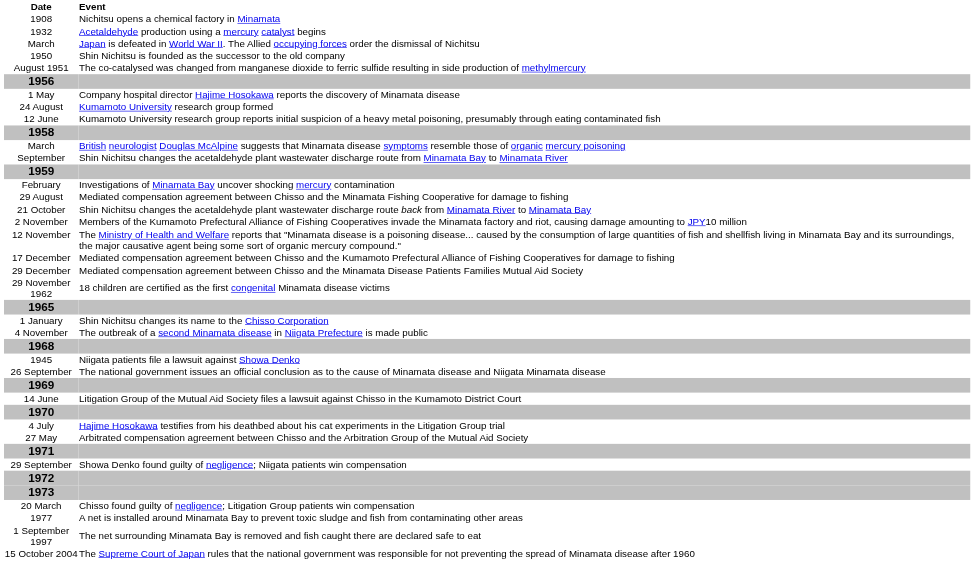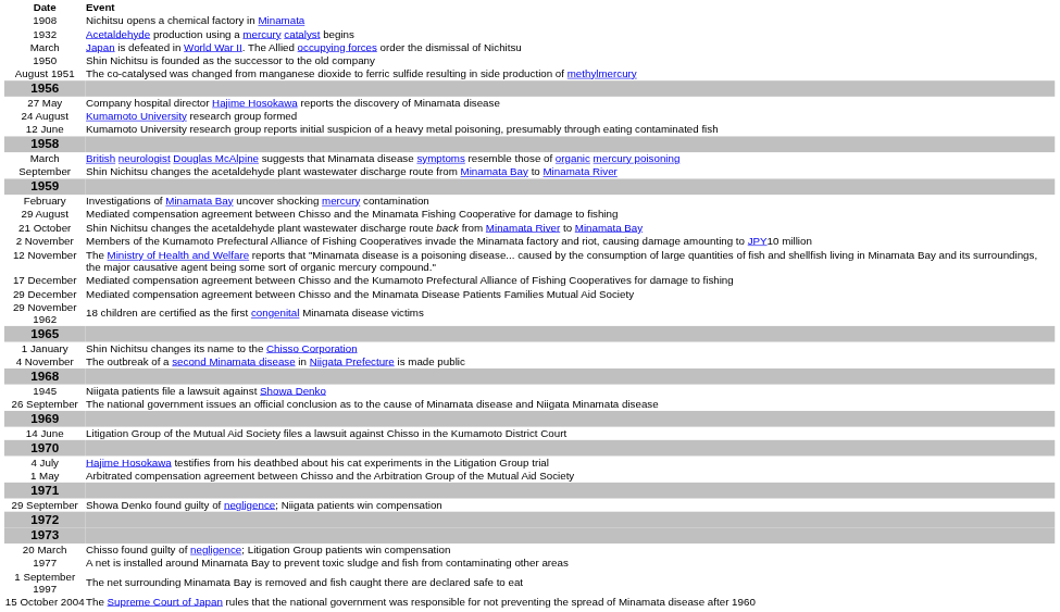 <table cellspacing="0">
 <tr>
 <th width="120">Date</th>
 <th align="left">Event</th>
 </tr>
 <tr>
 <td align="center" valign="top">1908</td>
 <td>Nichitsu opens a chemical factory in <a href='#'>Minamata</a></td>
 </tr>
 <tr>
 <td align="center" valign="top">1932</td>
 <td><a href='#'>Acetaldehyde</a> production using a <a href='#'>mercury</a> <a href='#'>catalyst</a> begins</td>
 </tr>
 <tr>
 <td align="center" valign="top">March</td>
 <td><a href='#'>Japan</a> is defeated in <a href='#'>World War II</a>. The Allied <a href='#'>occupying forces</a> order the dismissal of Nichitsu</td>
 </tr>
 <tr>
 <td align="center" valign="top">1950</td>
 <td>Shin Nichitsu is founded as the successor to the old company</td>
 </tr>
 <tr>
 <td align="center" valign="top">August 1951</td>
 <td>The co-catalysed was changed from manganese dioxide to ferric sulfide resulting in side production of <a href='#'>methylmercury</a></td>
 </tr>
 <tr>
 <td align="center" valign="top" bgcolor="#C0C0C0"><big><strong>1956</strong></big></td>
 <td bgcolor="#C0C0C0"></td>
 </tr>
 <tr>
-<td align="center" valign="top">1 May</td>
+<td align="center" valign="top">27 May</td>
 <td>Company hospital director <a href='#'>Hajime Hosokawa</a> reports the discovery of Minamata disease</td>
 </tr>
 <tr>
 <td align="center" valign="top">24 August</td>
 <td><a href='#'>Kumamoto University</a> research group formed</td>
 </tr>
 <tr>
 <td align="center" valign="top">12 June</td>
 <td>Kumamoto University research group reports initial suspicion of a heavy metal poisoning, presumably through eating contaminated fish</td>
 </tr>
 <tr>
 <td align="center" valign="top" bgcolor="#C0C0C0"><big><strong>1958</strong></big></td>
 <td bgcolor="#C0C0C0"></td>
 </tr>
 <tr>
 <td align="center" valign="top">March</td>
 <td><a href='#'>British</a> <a href='#'>neurologist</a> <a href='#'>Douglas McAlpine</a> suggests that Minamata disease <a href='#'>symptoms</a> resemble those of <a href='#'>organic</a> <a href='#'>mercury poisoning</a></td>
 </tr>
 <tr>
 <td align="center" valign="top">September</td>
 <td>Shin Nichitsu changes the acetaldehyde plant wastewater discharge route from <a href='#'>Minamata Bay</a> to <a href='#'>Minamata River</a></td>
 </tr>
 <tr>
 <td align="center" valign="top" bgcolor="#C0C0C0"><big><strong>1959</strong></big></td>
 <td bgcolor="#C0C0C0"></td>
 </tr>
 <tr>
 <td align="center" valign="top">February</td>
 <td>Investigations of <a href='#'>Minamata Bay</a> uncover shocking <a href='#'>mercury</a> contamination</td>
 </tr>
 <tr>
 <td align="center" valign="top">29 August</td>
 <td>Mediated compensation agreement between Chisso and the Minamata Fishing Cooperative for damage to fishing</td>
 </tr>
 <tr>
 <td align="center" valign="top">21 October</td>
 <td>Shin Nichitsu changes the acetaldehyde plant wastewater discharge route <em>back</em> from <a href='#'>Minamata River</a> to <a href='#'>Minamata Bay</a></td>
 </tr>
 <tr>
 <td align="center" valign="top">2 November</td>
 <td>Members of the Kumamoto Prefectural Alliance of Fishing Cooperatives invade the Minamata factory and riot, causing damage amounting to <a href='#'>JPY</a>10 million</td>
 </tr>
 <tr>
 <td align="center" valign="top"></td>
 <td></td>
 </tr>
 <tr>
 <td align="center" valign="top">12 November</td>
 <td>The <a href='#'>Ministry of Health and Welfare</a> reports that "Minamata disease is a poisoning disease... caused by the consumption of large quantities of fish and shellfish living in Minamata Bay and its surroundings, the major causative agent being some sort of organic mercury compound."</td>
 </tr>
 <tr>
 <td align="center" valign="top">17 December</td>
 <td>Mediated compensation agreement between Chisso and the Kumamoto Prefectural Alliance of Fishing Cooperatives for damage to fishing</td>
 </tr>
 <tr>
 <td align="center" valign="top">29 December</td>
 <td>Mediated compensation agreement between Chisso and the Minamata Disease Patients Families Mutual Aid Society</td>
 </tr>
 <tr>
 <td align="center" valign="top">29 November 1962</td>
 <td>18 children are certified as the first <a href='#'>congenital</a> Minamata disease victims</td>
 </tr>
 <tr>
 <td align="center" valign="top" bgcolor="#C0C0C0"><big><strong>1965</strong></big></td>
 <td bgcolor="#C0C0C0"></td>
 </tr>
 <tr>
 <td align="center" valign="top">1 January</td>
 <td>Shin Nichitsu changes its name to the <a href='#'>Chisso Corporation</a></td>
 </tr>
 <tr>
 <td align="center" valign="top">4 November</td>
 <td>The outbreak of a <a href='#'>second Minamata disease</a> in <a href='#'>Niigata Prefecture</a> is made public</td>
 </tr>
 <tr>
 <td align="center" valign="top" bgcolor="#C0C0C0"><big><strong>1968</strong></big></td>
 <td bgcolor="#C0C0C0"></td>
 </tr>
 <tr>
 <td align="center" valign="top">1945</td>
 <td>Niigata patients file a lawsuit against <a href='#'>Showa Denko</a></td>
 </tr>
 <tr>
 <td align="center" valign="top">26 September</td>
 <td>The national government issues an official conclusion as to the cause of Minamata disease and Niigata Minamata disease</td>
 </tr>
 <tr>
 <td align="center" valign="top" bgcolor="#C0C0C0"><big><strong>1969</strong></big></td>
 <td bgcolor="#C0C0C0"></td>
 </tr>
 <tr>
 <td align="center" valign="top">14 June</td>
 <td>Litigation Group of the Mutual Aid Society files a lawsuit against Chisso in the Kumamoto District Court</td>
 </tr>
 <tr>
 <td align="center" valign="top" bgcolor="#C0C0C0"><big><strong>1970</strong></big></td>
 <td bgcolor="#C0C0C0"></td>
 </tr>
 <tr>
 <td align="center" valign="top">4 July</td>
 <td><a href='#'>Hajime Hosokawa</a> testifies from his deathbed about his cat experiments in the Litigation Group trial</td>
 </tr>
 <tr>
-<td align="center" valign="top">27 May</td>
+<td align="center" valign="top">1 May</td>
 <td>Arbitrated compensation agreement between Chisso and the Arbitration Group of the Mutual Aid Society</td>
 </tr>
 <tr>
 <td align="center" valign="top" bgcolor="#C0C0C0"><big><strong>1971</strong></big></td>
 <td bgcolor="#C0C0C0"></td>
 </tr>
 <tr>
 <td align="center" valign="top">29 September</td>
 <td>Showa Denko found guilty of <a href='#'>negligence</a>; Niigata patients win compensation</td>
 </tr>
 <tr>
 <td align="center" valign="top" bgcolor="#C0C0C0"><big><strong>1972</strong></big></td>
 <td bgcolor="#C0C0C0"></td>
 </tr>
 <tr>
 <td align="center" valign="top" bgcolor="#C0C0C0"><big><strong>1973</strong></big></td>
 <td bgcolor="#C0C0C0"></td>
 </tr>
 <tr>
 <td align="center" valign="top">20 March</td>
 <td>Chisso found guilty of <a href='#'>negligence</a>; Litigation Group patients win compensation</td>
 </tr>
 <tr>
 <td align="center" valign="top">1977</td>
 <td>A net is installed around Minamata Bay to prevent toxic sludge and fish from contaminating other areas</td>
 </tr>
 <tr>
 <td align="center" valign="top">1 September 1997</td>
 <td>The net surrounding Minamata Bay is removed and fish caught there are declared safe to eat</td>
 </tr>
 <tr>
 <td align="center" valign="top">15 October 2004</td>
 <td>The <a href='#'>Supreme Court of Japan</a> rules that the national government was responsible for not preventing the spread of Minamata disease after 1960</td>
 </tr>
 <tr>
 <td align="center" valign="top"></td>
 <td></td>
 </tr>
 <tr>
 <td align="center" valign="top"></td>
 <td></td>
 </tr>
 </table>
